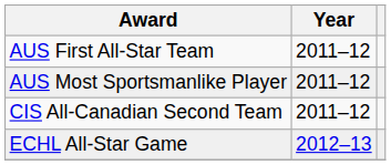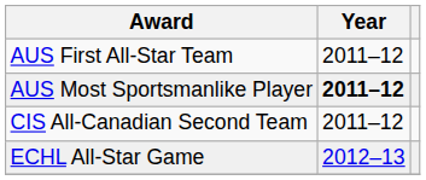 <table class="wikitable">
 <tr>
 <th>Award</th>
 <th>Year</th>
 <th></th>
 </tr>
 <tr>
 <td><a href='#'>AUS</a> First All-Star Team</td>
 <td>2011–12</td>
 <td></td>
 </tr>
 <tr bgcolor="#f0f0f0">
 <td><a href='#'>AUS</a> Most Sportsmanlike Player</td>
-<td>2011–12</td>
+<td><strong>2011–12</strong></td>
 <td></td>
 </tr>
 <tr>
 <td><a href='#'>CIS</a> All-Canadian Second Team</td>
 <td>2011–12</td>
 <td></td>
 </tr>
 <tr bgcolor="#f0f0f0">
 <td><a href='#'>ECHL</a> All-Star Game</td>
 <td><a href='#'>2012–13</a></td>
 <td></td>
 </tr>
 <tr>
 </tr>
 </table>
